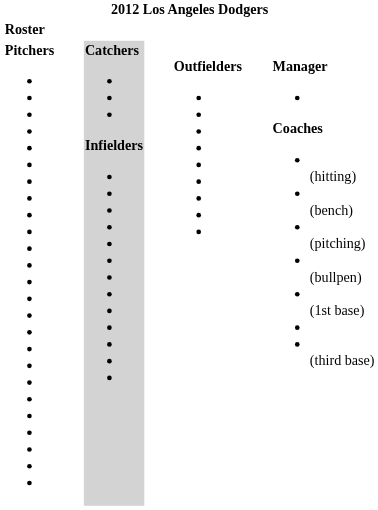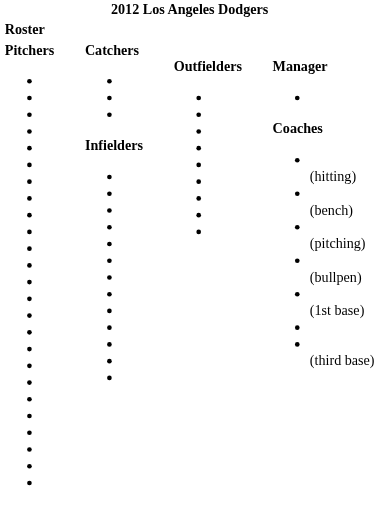 <table class="toccolours" style="font-size: 95%;">
 <tr>
 <th colspan="10">2012 Los Angeles Dodgers</th>
 </tr>
 <tr>
 <td colspan="10"><strong>Roster</strong></td>
 </tr>
 <tr>
 <td valign="top"><strong>Pitchers</strong><br><ul><li></li><li></li><li></li><li></li><li></li><li></li><li></li><li></li><li></li><li></li><li></li><li></li><li></li><li></li><li></li><li></li><li></li><li></li><li></li><li></li><li></li><li></li><li></li><li></li><li></li></ul></td>
 <td width="25px"></td>
-<td valign="top" style="background: lightgrey;"><strong>Catchers</strong><br><ul><li></li><li></li><li></li></ul><strong>Infielders</strong><ul><li></li><li></li><li></li><li></li><li></li><li></li><li></li><li></li><li></li><li></li><li></li><li></li><li></li></ul></td>
+<td valign="top"><strong>Catchers</strong><br><ul><li></li><li></li><li></li></ul><strong>Infielders</strong><ul><li></li><li></li><li></li><li></li><li></li><li></li><li></li><li></li><li></li><li></li><li></li><li></li><li></li></ul></td>
 <td width="25px"></td>
 <td valign="top"><br><strong>Outfielders</strong><ul><li></li><li></li><li></li><li></li><li></li><li></li><li></li><li></li><li></li></ul></td>
 <td width="25px"></td>
 <td valign="top"><br><strong>Manager</strong><ul><li></li></ul><strong>Coaches</strong><ul><li> <br>(hitting)</li><li> <br>(bench)</li><li><br> (pitching)</li><li> <br>(bullpen)</li><li> <br>(1st base)</li><li></li><li> <br> (third base)</li></ul></td>
 </tr>
 </table>
